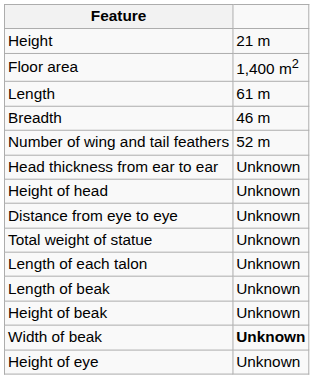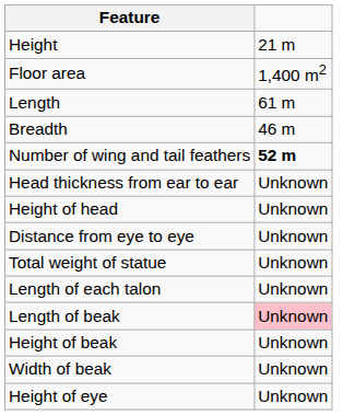 <table class="wikitable">
 <tr>
 <th>Feature</th>
 </tr>
 <tr>
 <td>Height</td>
 <td>21 m</td>
 </tr>
 <tr>
 <td>Floor area</td>
 <td>1,400 m<sup>2</sup></td>
 </tr>
 <tr>
 <td>Length</td>
 <td>61 m</td>
 </tr>
 <tr>
 <td>Breadth</td>
 <td>46 m</td>
 </tr>
 <tr>
 <td>Number of wing and tail feathers</td>
-<td>52 m</td>
+<td><strong>52 m</strong></td>
 </tr>
 <tr>
 <td>Head thickness from ear to ear</td>
 <td>Unknown</td>
 </tr>
 <tr>
 <td>Height of head</td>
 <td>Unknown</td>
 </tr>
 <tr>
 <td>Distance from eye to eye</td>
 <td>Unknown</td>
 </tr>
 <tr>
 <td>Total weight of statue</td>
 <td>Unknown</td>
 </tr>
 <tr>
 <td>Length of each talon</td>
 <td>Unknown</td>
 </tr>
 <tr>
 <td>Length of beak</td>
-<td>Unknown</td>
+<td style="background: pink;">Unknown</td>
 </tr>
 <tr>
 <td>Height of beak</td>
 <td>Unknown</td>
 </tr>
 <tr>
 <td>Width of beak</td>
-<td><strong>Unknown</strong></td>
+<td>Unknown</td>
 </tr>
 <tr>
 <td>Height of eye</td>
 <td>Unknown</td>
 </tr>
 </table>
